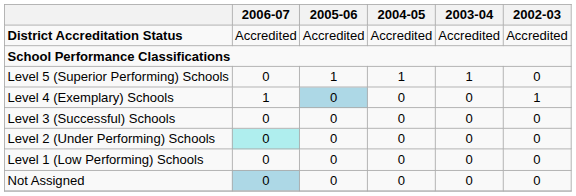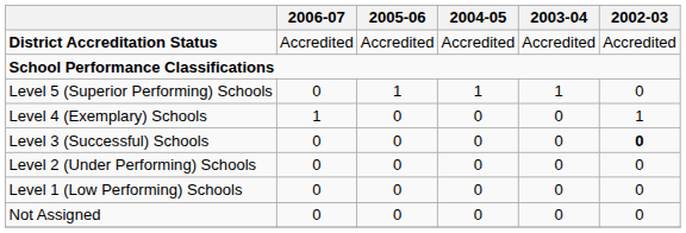 <table class="wikitable" style="font-size: 95%;">
 <tr>
 <th></th>
 <th>2006-07</th>
 <th>2005-06</th>
 <th>2004-05</th>
 <th>2003-04</th>
 <th>2002-03</th>
 </tr>
 <tr>
 <td align="left"><strong>District Accreditation Status</strong></td>
 <td align="center">Accredited</td>
 <td align="center">Accredited</td>
 <td align="center">Accredited</td>
 <td align="center">Accredited</td>
 <td align="center">Accredited</td>
 </tr>
 <tr>
 <td align="left" colspan="6"><strong>School Performance Classifications</strong></td>
 </tr>
 <tr>
 <td align="left">Level 5 (Superior Performing) Schools</td>
 <td align="center">0</td>
 <td align="center">1</td>
 <td align="center">1</td>
 <td align="center">1</td>
 <td align="center">0</td>
 </tr>
 <tr>
 <td align="left">Level 4 (Exemplary) Schools</td>
 <td align="center">1</td>
-<td align="center" style="background: lightblue;">0</td>
+<td align="center">0</td>
 <td align="center">0</td>
 <td align="center">0</td>
 <td align="center">1</td>
 </tr>
 <tr>
 <td align="left">Level 3 (Successful) Schools</td>
 <td align="center">0</td>
 <td align="center">0</td>
 <td align="center">0</td>
 <td align="center">0</td>
-<td align="center">0</td>
+<td align="center"><strong>0</strong></td>
 </tr>
 <tr>
 <td align="left">Level 2 (Under Performing) Schools</td>
-<td align="center" style="background: paleturquoise;">0</td>
+<td align="center">0</td>
 <td align="center">0</td>
 <td align="center">0</td>
 <td align="center">0</td>
 <td align="center">0</td>
 </tr>
 <tr>
 <td align="left">Level 1 (Low Performing) Schools</td>
 <td align="center">0</td>
 <td align="center">0</td>
 <td align="center">0</td>
 <td align="center">0</td>
 <td align="center">0</td>
 </tr>
 <tr>
 <td align="left">Not Assigned</td>
-<td align="center" style="background: lightblue;">0</td>
+<td align="center">0</td>
 <td align="center">0</td>
 <td align="center">0</td>
 <td align="center">0</td>
 <td align="center">0</td>
 </tr>
 <tr>
 </tr>
 </table>
